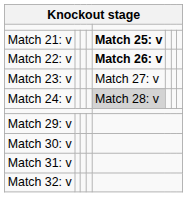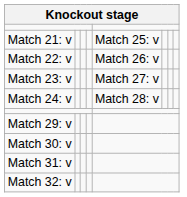 <table class="wikitable" style="text-align: left; font-size: 90%; margin-left: 1em;">
 <tr>
 <th colspan="12">Knockout stage</th>
 </tr>
 <tr>
 <td colspan="4" style="text-align: center;"></td>
 <td colspan="4" style="text-align: center;"></td>
 </tr>
 <tr>
 <td>Match 21:  v </td>
 <td></td>
 <td></td>
 <td></td>
-<td><strong>Match 25:  v </strong></td>
+<td>Match 25:  v </td>
 <td></td>
 <td></td>
 <td></td>
 </tr>
 <tr>
 <td>Match 22:  v </td>
 <td></td>
 <td></td>
 <td></td>
-<td><strong>Match 26:  v </strong></td>
+<td>Match 26:  v </td>
 <td></td>
 <td></td>
 <td></td>
 </tr>
 <tr>
 <td>Match 23:  v </td>
 <td></td>
 <td></td>
 <td></td>
 <td>Match 27:  v </td>
 <td></td>
 <td></td>
 <td></td>
 </tr>
 <tr>
 <td>Match 24:  v </td>
 <td></td>
 <td></td>
 <td> </td>
-<td style="background: lightgrey;">Match 28:  v </td>
+<td>Match 28:  v </td>
 <td></td>
 <td></td>
 <td> </td>
 </tr>
 <tr>
 <td colspan="4" style="text-align: center;"></td>
 <td colspan="4"></td>
 </tr>
 <tr>
 <td>Match 29:  v </td>
 <td></td>
 <td></td>
 <td></td>
 <td colspan="4"></td>
 </tr>
 <tr>
 <td>Match 30:  v </td>
 <td></td>
 <td></td>
 <td></td>
 <td colspan="4"></td>
 </tr>
 <tr>
 <td>Match 31:  v </td>
 <td></td>
 <td></td>
 <td></td>
 <td colspan="4"></td>
 </tr>
 <tr>
 <td>Match 32:  v </td>
 <td></td>
 <td></td>
 <td> </td>
 <td colspan="4"></td>
 </tr>
 </table>
